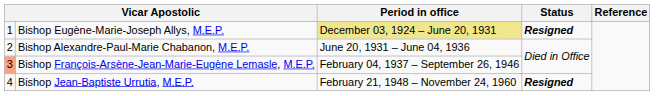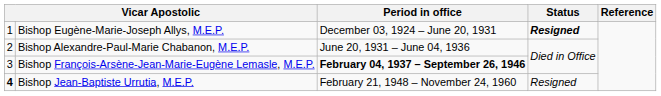 <table class="wikitable">
 <tr>
 <th colspan="2">Vicar Apostolic</th>
 <th>Period in office</th>
 <th>Status</th>
 <th>Reference</th>
 </tr>
 <tr>
 <td>1</td>
 <td>Bishop Eugène-Marie-Joseph Allys, <a href='#'>M.E.P.</a></td>
-<td style="background: khaki;">December 03, 1924 – June 20, 1931</td>
+<td>December 03, 1924 – June 20, 1931</td>
 <td><strong><em>Resigned</em></strong></td>
 <td rowspan=4></td>
 </tr>
 <tr>
 <td>2</td>
 <td>Bishop Alexandre-Paul-Marie Chabanon, <a href='#'>M.E.P.</a></td>
 <td>June 20, 1931 – June 04, 1936</td>
 <td rowspan=2><em>Died in Office</em></td>
 </tr>
 <tr>
-<td style="background: lightsalmon;">3</td>
+<td>3</td>
 <td>Bishop <a href='#'>François-Arsène-Jean-Marie-Eugène Lemasle</a>, <a href='#'>M.E.P.</a></td>
-<td>February 04, 1937 – September 26, 1946</td>
+<td><strong>February 04, 1937 – September 26, 1946</strong></td>
 </tr>
 <tr>
-<td>4</td>
+<td><strong>4</strong></td>
 <td>Bishop <a href='#'>Jean-Baptiste Urrutia</a>, <a href='#'>M.E.P.</a></td>
 <td>February 21, 1948 – November 24, 1960</td>
-<td><strong><em>Resigned</em></strong></td>
+<td><em>Resigned</em></td>
 </tr>
 </table>
